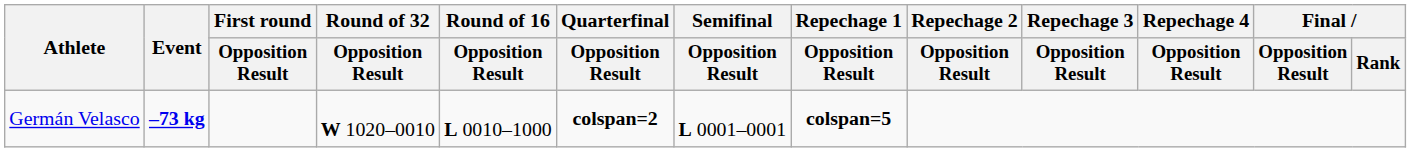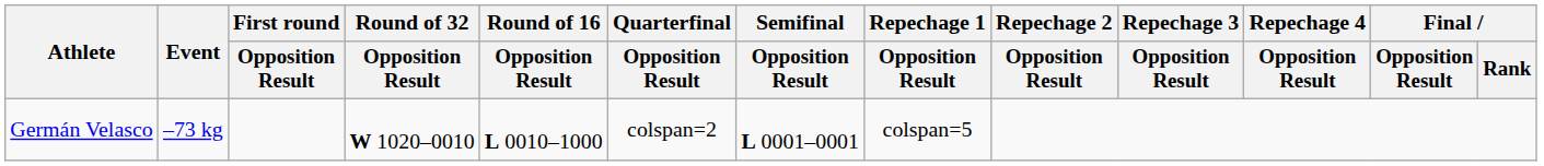 <table class=wikitable style=font-size:90%;text-align:center>
 <tr>
 <th rowspan=2>Athlete</th>
 <th rowspan=2>Event</th>
 <th>First round</th>
 <th>Round of 32</th>
 <th>Round of 16</th>
 <th>Quarterfinal</th>
 <th>Semifinal</th>
 <th>Repechage 1</th>
 <th>Repechage 2</th>
 <th>Repechage 3</th>
 <th>Repechage 4</th>
 <th colspan=2>Final / </th>
 </tr>
 <tr style=font-size:95%>
 <th>Opposition<br>Result</th>
 <th>Opposition<br>Result</th>
 <th>Opposition<br>Result</th>
 <th>Opposition<br>Result</th>
 <th>Opposition<br>Result</th>
 <th>Opposition<br>Result</th>
 <th>Opposition<br>Result</th>
 <th>Opposition<br>Result</th>
 <th>Opposition<br>Result</th>
 <th>Opposition<br>Result</th>
 <th>Rank</th>
 </tr>
 <tr>
 <td align=left><a href='#'>Germán Velasco</a></td>
-<td align=left><strong><a href='#'>–73 kg</a></strong></td>
+<td align=left><a href='#'>–73 kg</a></td>
 <td></td>
 <td><br><strong>W</strong> 1020–0010</td>
 <td><br><strong>L</strong> 0010–1000</td>
-<td><strong>colspan=2 </strong></td>
+<td>colspan=2 </td>
 <td><br><strong>L</strong> 0001–0001</td>
-<td><strong>colspan=5 </strong></td>
+<td>colspan=5 </td>
 </tr>
 </table>
